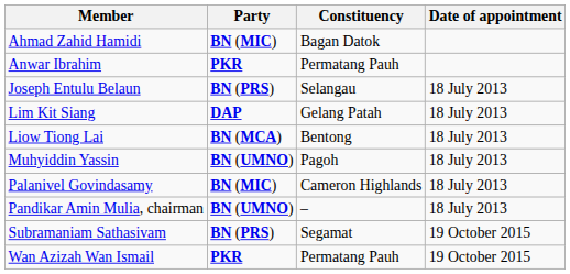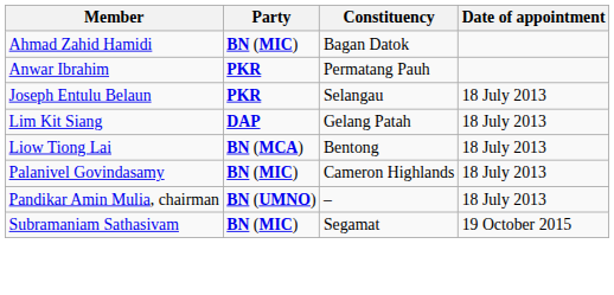 <table class=wikitable>
 <tr>
 <th>Member</th>
 <th>Party</th>
 <th>Constituency</th>
 <th>Date of appointment</th>
 </tr>
 <tr>
 <td><a href='#'>Ahmad Zahid Hamidi</a></td>
 <td><strong><a href='#'>BN</a></strong> (<strong><a href='#'>MIC</a></strong>)</td>
 <td>Bagan Datok</td>
 <td></td>
 </tr>
 <tr>
 <td><a href='#'>Anwar Ibrahim</a></td>
 <td><strong><a href='#'>PKR</a></strong></td>
 <td>Permatang Pauh</td>
 <td></td>
 </tr>
 <tr>
 <td><a href='#'>Joseph Entulu Belaun</a></td>
-<td><strong><a href='#'>BN</a></strong> (<strong><a href='#'>PRS</a></strong>)</td>
+<td><strong><a href='#'>PKR</a></strong></td>
 <td>Selangau</td>
 <td>18 July 2013</td>
 </tr>
 <tr>
 <td><a href='#'>Lim Kit Siang</a></td>
 <td><strong><a href='#'>DAP</a></strong></td>
 <td>Gelang Patah</td>
 <td>18 July 2013</td>
 </tr>
 <tr>
 <td><a href='#'>Liow Tiong Lai</a></td>
 <td><strong><a href='#'>BN</a></strong> (<strong><a href='#'>MCA</a></strong>)</td>
 <td>Bentong</td>
 <td>18 July 2013</td>
 </tr>
 <tr>
-<td><a href='#'>Muhyiddin Yassin</a></td>
-<td><strong><a href='#'>BN</a></strong> (<strong><a href='#'>UMNO</a></strong>)</td>
-<td>Pagoh</td>
-<td>18 July 2013</td>
-</tr>
-<tr>
 <td><a href='#'>Palanivel Govindasamy</a></td>
 <td><strong><a href='#'>BN</a></strong> (<strong><a href='#'>MIC</a></strong>)</td>
 <td>Cameron Highlands</td>
 <td>18 July 2013</td>
 </tr>
 <tr>
 <td><a href='#'>Pandikar Amin Mulia</a>, chairman</td>
 <td><strong><a href='#'>BN</a></strong> (<strong><a href='#'>UMNO</a></strong>)</td>
 <td>–</td>
 <td>18 July 2013</td>
 </tr>
 <tr>
 <td><a href='#'>Subramaniam Sathasivam</a></td>
-<td><strong><a href='#'>BN</a></strong> (<strong><a href='#'>PRS</a></strong>)</td>
+<td><strong><a href='#'>BN</a></strong> (<strong><a href='#'>MIC</a></strong>)</td>
 <td>Segamat</td>
 <td>19 October 2015</td>
 </tr>
-<tr>
-<td><a href='#'>Wan Azizah Wan Ismail</a></td>
-<td><strong><a href='#'>PKR</a></strong></td>
-<td>Permatang Pauh</td>
-<td>19 October 2015</td>
-</tr>
 </table>
